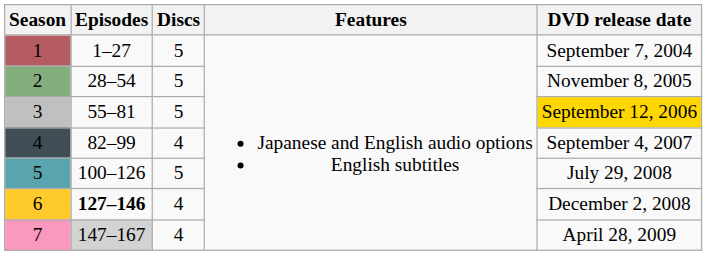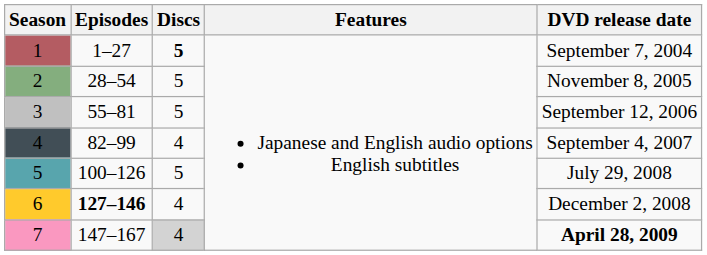 <table class="wikitable" style="width:auto; text-align:center">
 <tr>
 <th>Season</th>
 <th>Episodes</th>
 <th>Discs</th>
 <th>Features</th>
 <th>DVD release date</th>
 </tr>
 <tr>
 <td style="background:#B45C62;">1</td>
 <td>1–27</td>
-<td>5</td>
+<td><strong>5</strong></td>
 <td rowspan="7"><br><ul><li>Japanese and English audio options</li><li>English subtitles</li></ul></td>
 <td>September 7, 2004<br></td>
 </tr>
 <tr>
 <td style="background:#84AE7E;">2</td>
 <td>28–54</td>
 <td>5</td>
 <td>November 8, 2005<br></td>
 </tr>
 <tr>
 <td style="background:#C0C0C0;">3</td>
 <td>55–81</td>
 <td>5</td>
-<td style="background: gold;">September 12, 2006<br></td>
+<td>September 12, 2006<br></td>
 </tr>
 <tr>
 <td style="background:#414E56;">4</td>
 <td>82–99</td>
 <td>4</td>
 <td>September 4, 2007<br></td>
 </tr>
 <tr>
 <td style="background:#58A5AD;">5</td>
 <td>100–126</td>
 <td>5</td>
 <td>July 29, 2008<br></td>
 </tr>
 <tr>
 <td style="background:#FFCA2C;">6</td>
 <td><strong>127–146</strong></td>
 <td>4</td>
 <td>December 2, 2008<br></td>
 </tr>
 <tr>
 <td style="background:#FA98C0;">7</td>
-<td style="background: lightgrey;">147–167</td>
-<td>4</td>
-<td>April 28, 2009<br></td>
+<td>147–167</td>
+<td style="background: lightgrey;">4</td>
+<td><strong>April 28, 2009<br></strong></td>
 </tr>
 </table>
